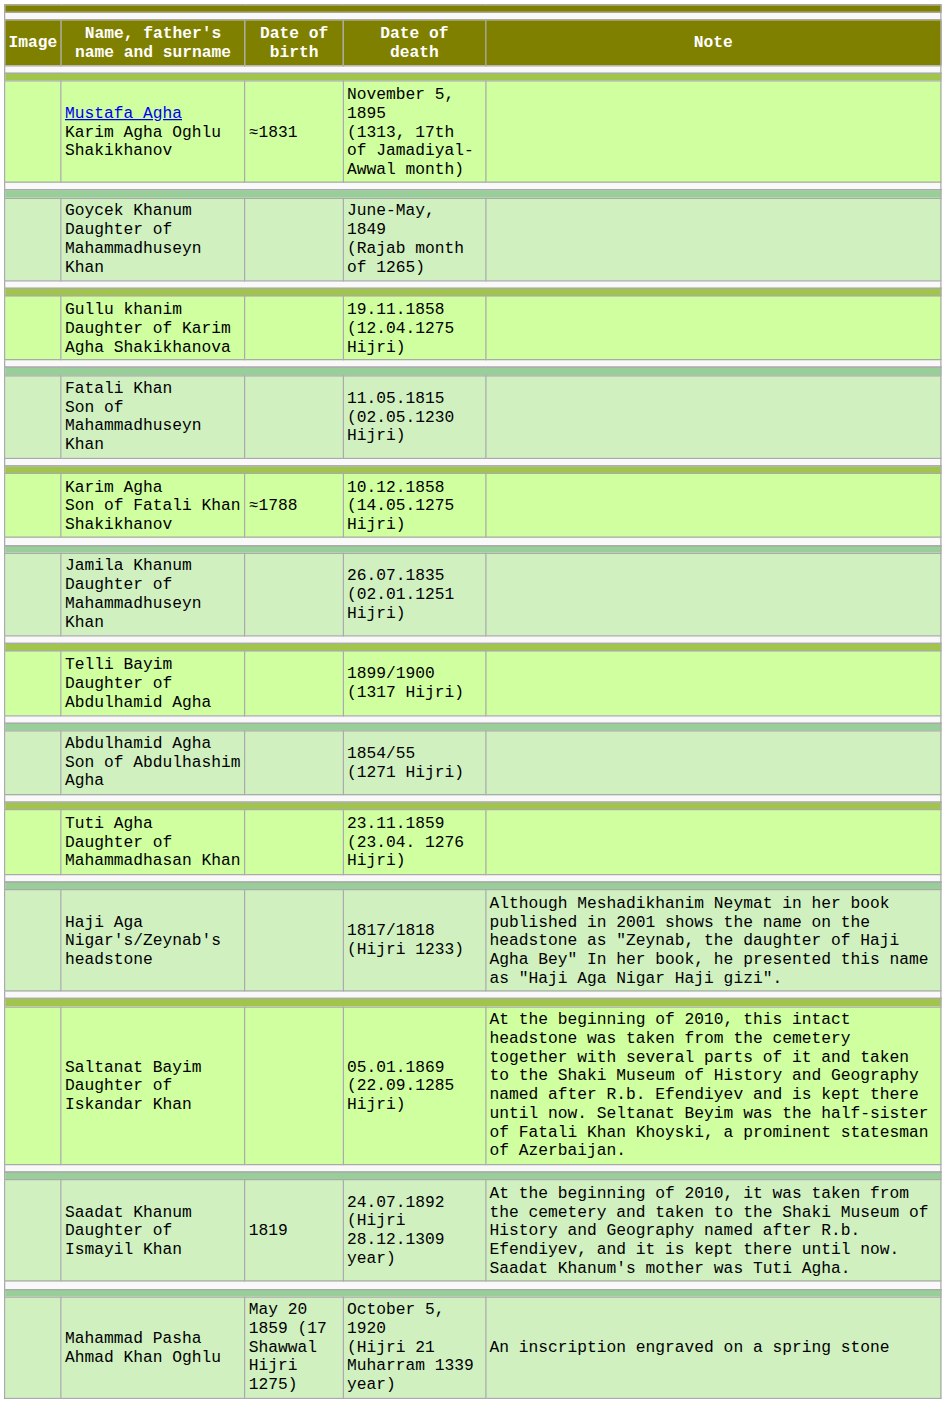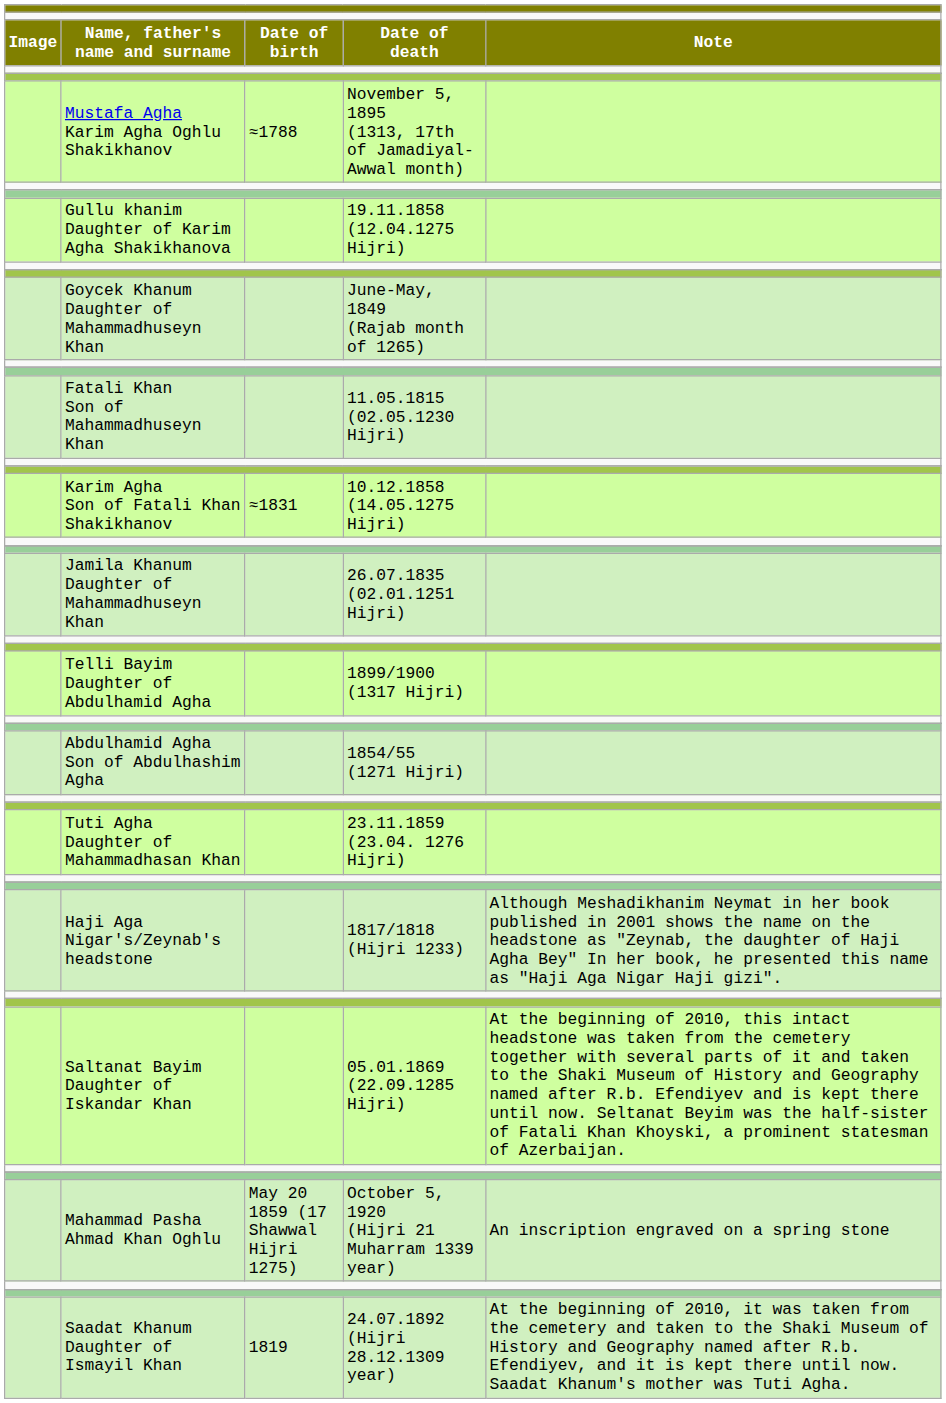 <table class="wikitable" style="width: 750px">
 <tr style="background:#808000">
 <td colspan="5" class="imageMapHighlighter"></td>
 </tr>
 <tr>
 <td colspan="5"></td>
 </tr>
 <tr>
 <th style="background: #808000; color:white">Image</th>
 <th style="background: #808000; color:white">Name, father's name and surname</th>
 <th style="background: #808000; color:white">Date of birth</th>
 <th style="background: #808000; color:white">Date of<br>death</th>
 <th style="background: #808000; color:white">Note</th>
 </tr>
 <tr>
 <td colspan="5"></td>
 </tr>
 <tr>
 </tr>
 <tr style="background:#A1C54B" align="center">
 <td colspan="5"></td>
 </tr>
 <tr style="background:#CFFF9F">
 <td></td>
 <td><a href='#'>Mustafa Agha</a><br>Karim Agha Oghlu Shakikhanov</td>
-<td>≈1831</td>
+<td>≈1788</td>
 <td>November 5, 1895<br>(1313, 17th of Jamadiyal-Awwal month)</td>
 <td></td>
 </tr>
 <tr>
 <td colspan="5"></td>
 </tr>
 <tr>
 </tr>
 <tr style="background:#98CF99" align="center">
 <td colspan="5"></td>
 </tr>
-<tr style="background:#D0F0C0">
+<tr style="background:#CFFF9F">
 <td></td>
-<td>Goycek Khanum<br>Daughter of Mahammadhuseyn Khan</td>
+<td>Gullu khanim<br>Daughter of Karim Agha  Shakikhanova</td>
 <td></td>
-<td>June-May, 1849<br>(Rajab month of 1265)</td>
+<td>19.11.1858<br>(12.04.1275 Hijri)</td>
 <td></td>
 </tr>
 <tr>
 <td colspan="5"></td>
 </tr>
 <tr>
 </tr>
 <tr style="background:#A1C54B" align="center">
 <td colspan="5"></td>
 </tr>
-<tr style="background:#CFFF9F">
+<tr style="background:#D0F0C0">
 <td></td>
-<td>Gullu khanim<br>Daughter of Karim Agha  Shakikhanova</td>
+<td>Goycek Khanum<br>Daughter of Mahammadhuseyn Khan</td>
 <td></td>
-<td>19.11.1858<br>(12.04.1275 Hijri)</td>
+<td>June-May, 1849<br>(Rajab month of 1265)</td>
 <td></td>
 </tr>
 <tr>
 <td colspan="5"></td>
 </tr>
 <tr>
 </tr>
 <tr style="background:#98CF99" align="center">
 <td colspan="5"></td>
 </tr>
 <tr style="background:#D0F0C0">
 <td></td>
 <td>Fatali Khan<br>Son of Mahammadhuseyn Khan</td>
 <td></td>
 <td>11.05.1815<br>(02.05.1230 Hijri)</td>
 <td></td>
 </tr>
 <tr>
 <td colspan="5"></td>
 </tr>
 <tr>
 </tr>
 <tr style="background:#A1C54B" align="center">
 <td colspan="5"></td>
 </tr>
 <tr style="background:#CFFF9F">
 <td></td>
 <td>Karim Agha<br>Son of Fatali Khan Shakikhanov</td>
-<td>≈1788</td>
+<td>≈1831</td>
 <td>10.12.1858<br>(14.05.1275 Hijri)</td>
 <td></td>
 </tr>
 <tr>
 <td colspan="5"></td>
 </tr>
 <tr>
 </tr>
 <tr style="background:#98CF99" align="center">
 <td colspan="5"></td>
 </tr>
 <tr style="background:#D0F0C0">
 <td></td>
 <td>Jamila Khanum<br>Daughter of Mahammadhuseyn Khan</td>
 <td></td>
 <td>26.07.1835<br>(02.01.1251 Hijri)</td>
 <td></td>
 </tr>
 <tr>
 <td colspan="5"></td>
 </tr>
 <tr>
 </tr>
 <tr style="background:#A1C54B" align="center">
 <td colspan="5"></td>
 </tr>
 <tr style="background:#CFFF9F">
 <td></td>
 <td>Telli Bayim<br>Daughter of Abdulhamid Agha</td>
 <td></td>
 <td>1899/1900<br>(1317 Hijri)</td>
 <td></td>
 </tr>
 <tr>
 <td colspan="5"></td>
 </tr>
 <tr>
 </tr>
 <tr style="background:#98CF99" align="center">
 <td colspan="5"></td>
 </tr>
 <tr style="background:#D0F0C0">
 <td></td>
 <td>Abdulhamid Agha<br>Son of Abdulhashim Agha</td>
 <td></td>
 <td>1854/55<br>(1271 Hijri)</td>
 <td></td>
 </tr>
 <tr>
 <td colspan="5"></td>
 </tr>
 <tr>
 </tr>
 <tr style="background:#A1C54B" align="center">
 <td colspan="5"></td>
 </tr>
 <tr style="background:#CFFF9F">
 <td></td>
 <td>Tuti Agha<br>Daughter of Mahammadhasan Khan</td>
 <td></td>
 <td>23.11.1859<br>(23.04. 1276 Hijri)</td>
 <td></td>
 </tr>
 <tr>
 <td colspan="5"></td>
 </tr>
 <tr>
 </tr>
 <tr style="background:#98CF99" align="center">
 <td colspan="5"></td>
 </tr>
 <tr style="background:#D0F0C0">
 <td></td>
 <td>Haji Aga Nigar's/Zeynab's headstone</td>
 <td></td>
 <td>1817/1818<br>(Hijri 1233)</td>
 <td>Although Meshadikhanim Neymat in her book published in 2001 shows the name on the headstone as "Zeynab, the daughter of Haji Agha Bey" In her book, he presented this name as "Haji Aga Nigar Haji gizi".</td>
 </tr>
 <tr>
 <td colspan="5"></td>
 </tr>
 <tr>
 </tr>
 <tr style="background:#A1C54B" align="center">
 <td colspan="5"></td>
 </tr>
 <tr style="background:#CFFF9F">
 <td></td>
 <td>Saltanat Bayim<br>Daughter of Iskandar Khan</td>
 <td></td>
 <td>05.01.1869<br>(22.09.1285 Hijri)</td>
 <td>At the beginning of 2010, this intact headstone was taken from the cemetery together with several parts of it and taken to the Shaki Museum of History and Geography named after R.b. Efendiyev  and is kept there until now. Seltanat Beyim was the half-sister of Fatali Khan Khoyski, a prominent statesman of Azerbaijan.</td>
 </tr>
 <tr>
 <td colspan="5"></td>
 </tr>
 <tr>
 </tr>
 <tr style="background:#98CF99" align="center">
 <td colspan="5"></td>
 </tr>
 <tr style="background:#D0F0C0">
 <td></td>
-<td>Saadat Khanum<br>Daughter of Ismayil Khan</td>
-<td>1819</td>
-<td>24.07.1892<br>(Hijri 28.12.1309 year)</td>
-<td>At the beginning of 2010, it was taken from the cemetery and taken to the Shaki Museum of History and Geography named after R.b. Efendiyev, and it is kept there until now. Saadat Khanum's mother was Tuti Agha.</td>
+<td>Mahammad Pasha<br>Ahmad Khan Oghlu</td>
+<td>May 20<br>1859 (17 Shawwal Hijri 1275)</td>
+<td>October 5, 1920<br>(Hijri 21 Muharram 1339 year)</td>
+<td>An inscription engraved on a spring stone</td>
 </tr>
 <tr>
 <td colspan="5"></td>
 </tr>
 <tr>
 </tr>
 <tr style="background:#98CF99" align="center">
 <td colspan="5"></td>
 </tr>
 <tr style="background:#D0F0C0">
 <td></td>
-<td>Mahammad Pasha<br>Ahmad Khan Oghlu</td>
-<td>May 20<br>1859 (17 Shawwal Hijri 1275)</td>
-<td>October 5, 1920<br>(Hijri 21 Muharram 1339 year)</td>
-<td>An inscription engraved on a spring stone</td>
+<td>Saadat Khanum<br>Daughter of Ismayil Khan</td>
+<td>1819</td>
+<td>24.07.1892<br>(Hijri 28.12.1309 year)</td>
+<td>At the beginning of 2010, it was taken from the cemetery and taken to the Shaki Museum of History and Geography named after R.b. Efendiyev, and it is kept there until now. Saadat Khanum's mother was Tuti Agha.</td>
 </tr>
 </table>
